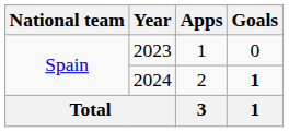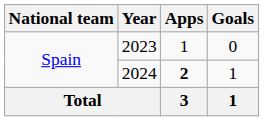 <table class="wikitable" style="text-align:center">
 <tr>
 <th>National team</th>
 <th>Year</th>
 <th>Apps</th>
 <th>Goals</th>
 </tr>
 <tr>
 <td rowspan="2"><a href='#'>Spain</a></td>
 <td>2023</td>
 <td>1</td>
 <td>0</td>
 </tr>
 <tr>
 <td>2024</td>
-<td>2</td>
-<td><strong>1</strong></td>
+<td><strong>2</strong></td>
+<td>1</td>
 </tr>
 <tr>
 <th colspan="2">Total</th>
 <th>3</th>
 <th>1</th>
 </tr>
 </table>
